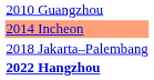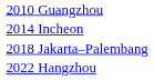 <table>
 <tr>
 <td><a href='#'>2010 Guangzhou</a></td>
 <td></td>
 <td></td>
 <td></td>
 </tr>
 <tr>
-<td style="background: lightsalmon;"><a href='#'>2014 Incheon</a></td>
+<td><a href='#'>2014 Incheon</a></td>
 <td></td>
 <td></td>
 <td></td>
 </tr>
 <tr>
 <td><a href='#'>2018 Jakarta–Palembang</a></td>
 <td></td>
 <td></td>
 <td></td>
 </tr>
 <tr>
-<td><strong><a href='#'>2022 Hangzhou</a></strong></td>
+<td><a href='#'>2022 Hangzhou</a></td>
 <td></td>
 <td></td>
 <td></td>
 </tr>
 </table>
